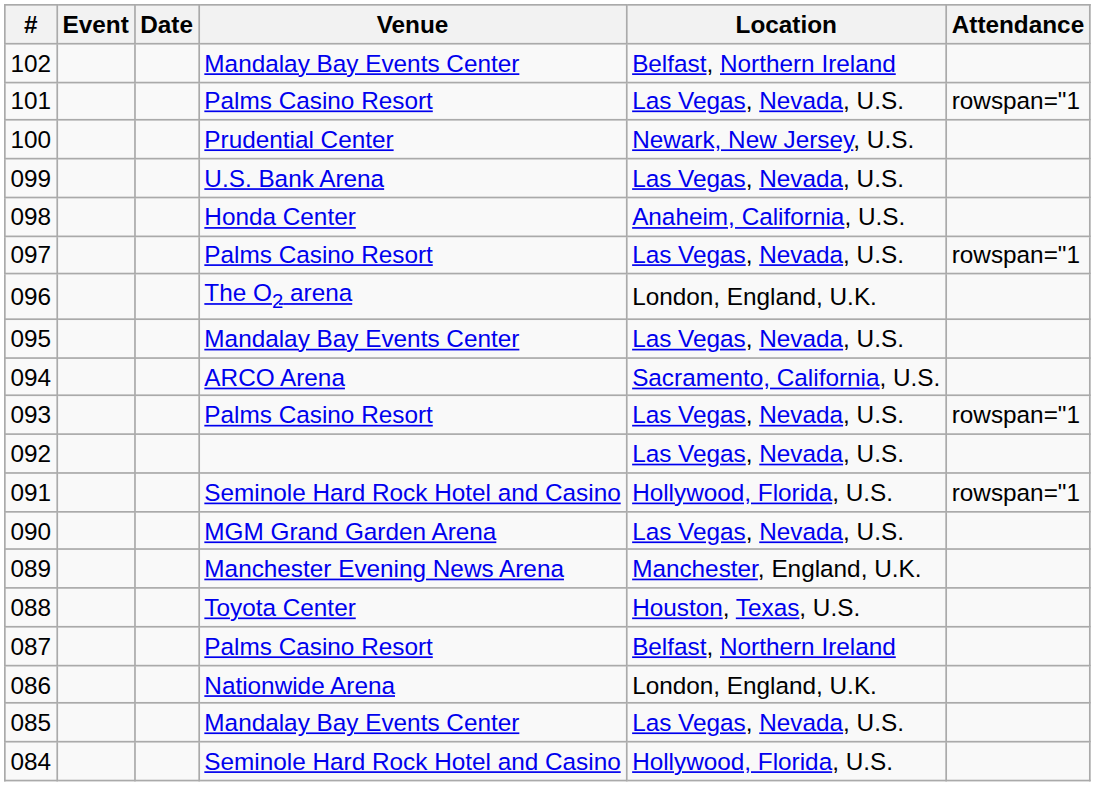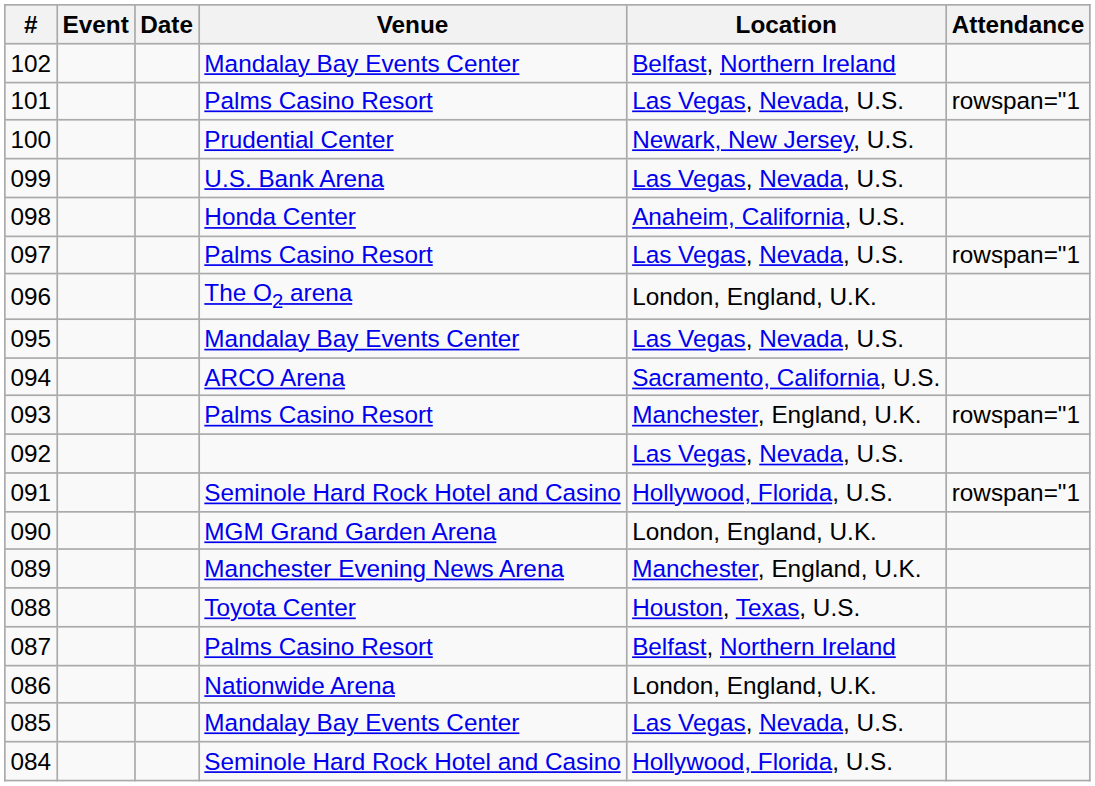 <table class="sortable wikitable succession-box" style="font-size:90%;">
 <tr>
 <th scope="col">#</th>
 <th scope="col">Event</th>
 <th scope="col">Date</th>
 <th scope="col">Venue</th>
 <th scope="col">Location</th>
 <th scope="col">Attendance</th>
 </tr>
 <tr>
 <td>102</td>
 <td></td>
 <td></td>
 <td><a href='#'>Mandalay Bay Events Center</a></td>
 <td><a href='#'>Belfast</a>, <a href='#'>Northern Ireland</a></td>
 <td></td>
 </tr>
 <tr>
 <td>101</td>
 <td></td>
 <td></td>
 <td><a href='#'>Palms Casino Resort</a></td>
 <td><a href='#'>Las Vegas</a>, <a href='#'>Nevada</a>, U.S.</td>
 <td>rowspan="1 </td>
 </tr>
 <tr>
 <td>100</td>
 <td></td>
 <td></td>
 <td><a href='#'>Prudential Center</a></td>
 <td><a href='#'>Newark, New Jersey</a>, U.S.</td>
 <td></td>
 </tr>
 <tr>
 <td>099</td>
 <td></td>
 <td></td>
 <td><a href='#'>U.S. Bank Arena</a></td>
 <td><a href='#'>Las Vegas</a>, <a href='#'>Nevada</a>, U.S.</td>
 <td></td>
 </tr>
 <tr>
 <td>098</td>
 <td></td>
 <td></td>
 <td><a href='#'>Honda Center</a></td>
 <td><a href='#'>Anaheim, California</a>, U.S.</td>
 <td></td>
 </tr>
 <tr>
 <td>097</td>
 <td></td>
 <td></td>
 <td><a href='#'>Palms Casino Resort</a></td>
 <td><a href='#'>Las Vegas</a>, <a href='#'>Nevada</a>, U.S.</td>
 <td>rowspan="1 </td>
 </tr>
 <tr>
 <td>096</td>
 <td></td>
 <td></td>
 <td><a href='#'>The O<sub>2</sub> arena</a></td>
 <td>London, England, U.K.</td>
 <td></td>
 </tr>
 <tr>
 <td>095</td>
 <td></td>
 <td></td>
 <td><a href='#'>Mandalay Bay Events Center</a></td>
 <td><a href='#'>Las Vegas</a>, <a href='#'>Nevada</a>, U.S.</td>
 <td></td>
 </tr>
 <tr>
 <td>094</td>
 <td></td>
 <td></td>
 <td><a href='#'>ARCO Arena</a></td>
 <td><a href='#'>Sacramento, California</a>, U.S.</td>
 <td></td>
 </tr>
 <tr>
 <td>093</td>
 <td></td>
 <td></td>
 <td><a href='#'>Palms Casino Resort</a></td>
-<td><a href='#'>Las Vegas</a>, <a href='#'>Nevada</a>, U.S.</td>
+<td><a href='#'>Manchester</a>, England, U.K.</td>
 <td>rowspan="1 </td>
 </tr>
 <tr>
 <td>092</td>
 <td></td>
 <td></td>
 <td></td>
 <td><a href='#'>Las Vegas</a>, <a href='#'>Nevada</a>, U.S.</td>
 <td></td>
 </tr>
 <tr>
 <td>091</td>
 <td></td>
 <td></td>
 <td><a href='#'>Seminole Hard Rock Hotel and Casino</a></td>
 <td><a href='#'>Hollywood, Florida</a>, U.S.</td>
 <td>rowspan="1 </td>
 </tr>
 <tr>
 <td>090</td>
 <td></td>
 <td></td>
 <td><a href='#'>MGM Grand Garden Arena</a></td>
-<td><a href='#'>Las Vegas</a>, <a href='#'>Nevada</a>, U.S.</td>
+<td>London, England, U.K.</td>
 <td></td>
 </tr>
 <tr>
 <td>089</td>
 <td></td>
 <td></td>
 <td><a href='#'>Manchester Evening News Arena</a></td>
 <td><a href='#'>Manchester</a>, England, U.K.</td>
 <td></td>
 </tr>
 <tr>
 <td>088</td>
 <td></td>
 <td></td>
 <td><a href='#'>Toyota Center</a></td>
 <td><a href='#'>Houston</a>, <a href='#'>Texas</a>, U.S.</td>
 <td></td>
 </tr>
 <tr>
 <td>087</td>
 <td></td>
 <td></td>
 <td><a href='#'>Palms Casino Resort</a></td>
 <td><a href='#'>Belfast</a>, <a href='#'>Northern Ireland</a></td>
 <td></td>
 </tr>
 <tr>
 <td>086</td>
 <td></td>
 <td></td>
 <td><a href='#'>Nationwide Arena</a></td>
 <td>London, England, U.K.</td>
 <td></td>
 </tr>
 <tr>
 <td>085</td>
 <td></td>
 <td></td>
 <td><a href='#'>Mandalay Bay Events Center</a></td>
 <td><a href='#'>Las Vegas</a>, <a href='#'>Nevada</a>, U.S.</td>
 <td></td>
 </tr>
 <tr>
 <td>084</td>
 <td></td>
 <td></td>
 <td><a href='#'>Seminole Hard Rock Hotel and Casino</a></td>
 <td><a href='#'>Hollywood, Florida</a>, U.S.</td>
 <td></td>
 </tr>
 </table>
